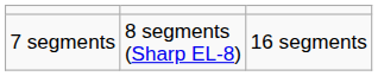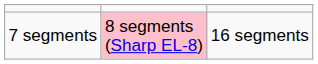 <table class="wikitable floatright">
 <tr>
 <td></td>
 <td></td>
 <td></td>
 </tr>
 <tr>
 <td>7 segments<br></td>
-<td>8 segments<br>(<a href='#'>Sharp EL-8</a>)</td>
+<td style="background: pink;">8 segments<br>(<a href='#'>Sharp EL-8</a>)</td>
 <td>16 segments<br></td>
 </tr>
 </table>
